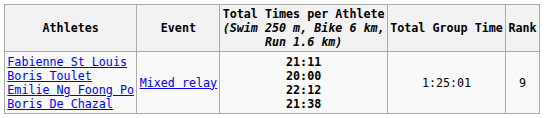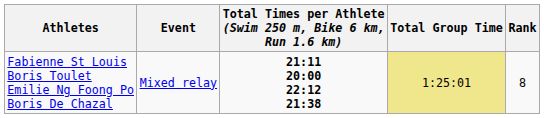 <table class="wikitable" border="1" style="font-size:90%">
 <tr>
 <th>Athletes</th>
 <th>Event</th>
 <th>Total Times per Athlete <br> <em>(Swim 250 m, Bike 6 km, <br> Run 1.6 km)</em></th>
 <th>Total Group Time</th>
 <th>Rank</th>
 </tr>
 <tr>
 <td><a href='#'>Fabienne St Louis</a><br><a href='#'>Boris Toulet</a><br><a href='#'>Emilie Ng Foong Po</a><br><a href='#'>Boris De Chazal</a></td>
 <td align="center"><a href='#'>Mixed relay</a></td>
 <td align="center"><strong>21:11<br>20:00<br>22:12<br>21:38</strong></td>
-<td align="center">1:25:01</td>
-<td align="center">9</td>
+<td align="center" style="background: khaki;">1:25:01</td>
+<td align="center">8</td>
 </tr>
 </table>
